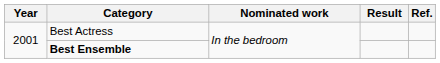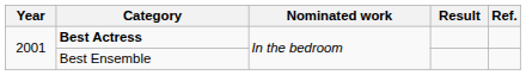 <table class=wikitable>
 <tr>
 <th scope="col" style="width:5em;">Year</th>
 <th scope="col" style="width:28em;">Category</th>
 <th scope="col" style="width:25em;">Nominated work</th>
 <th scope="col" style="width:5em;">Result</th>
 <th>Ref.</th>
 </tr>
 <tr>
 <td style="text-align:center;", rowspan="2">2001</td>
-<td>Best Actress</td>
+<td><strong>Best Actress</strong></td>
 <td rowspan="2"><em>In the bedroom</em></td>
 <td></td>
 <td></td>
 </tr>
 <tr>
-<td><strong>Best Ensemble</strong></td>
+<td>Best Ensemble</td>
 <td></td>
 <td></td>
 </tr>
 </table>
